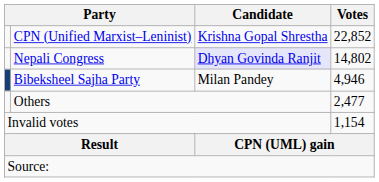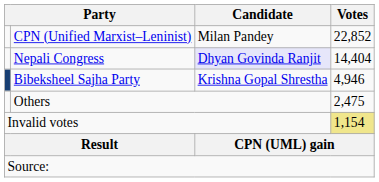 <table class="wikitable">
 <tr>
 <th colspan="2">Party</th>
 <th>Candidate</th>
 <th>Votes</th>
 </tr>
 <tr>
 <td style="background-color:"></td>
 <td><a href='#'>CPN (Unified Marxist–Leninist)</a></td>
-<td><a href='#'>Krishna Gopal Shrestha</a></td>
+<td>Milan Pandey</td>
 <td>22,852</td>
 </tr>
 <tr>
 <td style="background-color:"></td>
 <td><a href='#'>Nepali Congress</a></td>
 <td style="background: lavender;"><a href='#'>Dhyan Govinda Ranjit</a></td>
-<td>14,802</td>
+<td>14,404</td>
 </tr>
 <tr>
 <td style="background-color:#183F73"></td>
 <td><a href='#'>Bibeksheel Sajha Party</a></td>
-<td>Milan Pandey</td>
+<td><a href='#'>Krishna Gopal Shrestha</a></td>
 <td>4,946</td>
 </tr>
 <tr>
 <td></td>
 <td colspan="2">Others</td>
-<td>2,477</td>
+<td>2,475</td>
 </tr>
 <tr>
 <td colspan="3">Invalid votes</td>
-<td>1,154</td>
+<td style="background: khaki;">1,154</td>
 </tr>
 <tr>
 <th colspan="2">Result</th>
 <th colspan="2">CPN (UML) gain</th>
 </tr>
 <tr>
 <td colspan="4">Source: </td>
 </tr>
 </table>
